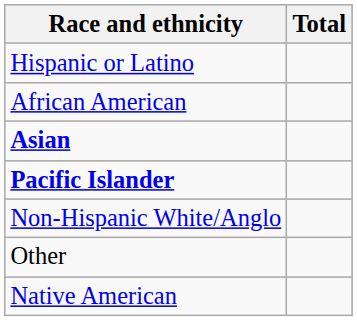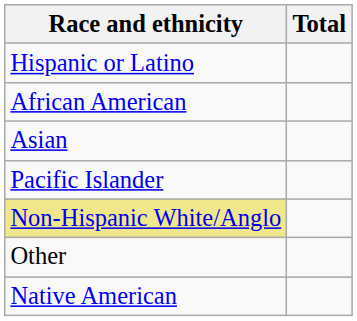 <table class="wikitable floatright sortable collapsible"; text-align:right; font-size:80%;">
 <tr>
 <th>Race and ethnicity</th>
 <th colspan="2" data-sort-type=number>Total</th>
 </tr>
 <tr>
 <td><a href='#'>Hispanic or Latino</a></td>
 <td align=right></td>
 </tr>
 <tr>
 <td><a href='#'>African American</a></td>
 <td align=right></td>
 </tr>
 <tr>
-<td><strong><a href='#'>Asian</a></strong></td>
+<td><a href='#'>Asian</a></td>
 <td align=right></td>
 </tr>
 <tr>
-<td><strong><a href='#'>Pacific Islander</a></strong></td>
+<td><a href='#'>Pacific Islander</a></td>
 <td align=right></td>
 </tr>
 <tr>
-<td><a href='#'>Non-Hispanic White/Anglo</a></td>
+<td style="background: khaki;"><a href='#'>Non-Hispanic White/Anglo</a></td>
 <td align=right></td>
 </tr>
 <tr>
 <td>Other</td>
 <td align=right></td>
 </tr>
 <tr>
 <td><a href='#'>Native American</a></td>
 <td align=right></td>
 </tr>
 </table>
